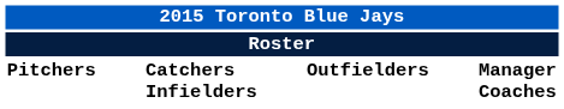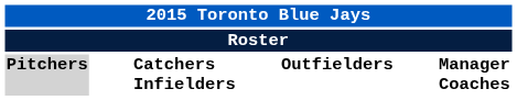 <table class="toccolours" style="font-size: 95%;">
 <tr http://upload.wikimedia.org/wikipedia/en/c/c8/Button_redirect.png>
 <th colspan="10" style="background:#005ac0; color:#fff; text-align:center;">2015 Toronto Blue Jays</th>
 </tr>
 <tr>
 <td colspan="10" style="background:#041E42; color:white; text-align:center;"><strong>Roster</strong></td>
 </tr>
 <tr>
-<td valign="top"><strong>Pitchers</strong><br>                           </td>
+<td valign="top" style="background: lightgrey;"><strong>Pitchers</strong><br>                           </td>
 <td style="width:25px;"></td>
 <td valign="top"><strong>Catchers</strong><br>   <strong>Infielders</strong>              </td>
 <td style="width:25px;"></td>
 <td valign="top"><strong>Outfielders</strong><br>      </td>
 <td style="width:25px;"></td>
 <td valign="top"><strong>Manager</strong><br> <strong>Coaches</strong>                </td>
 </tr>
 </table>
